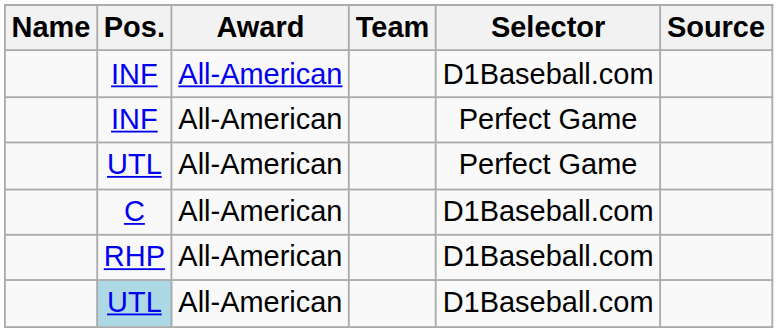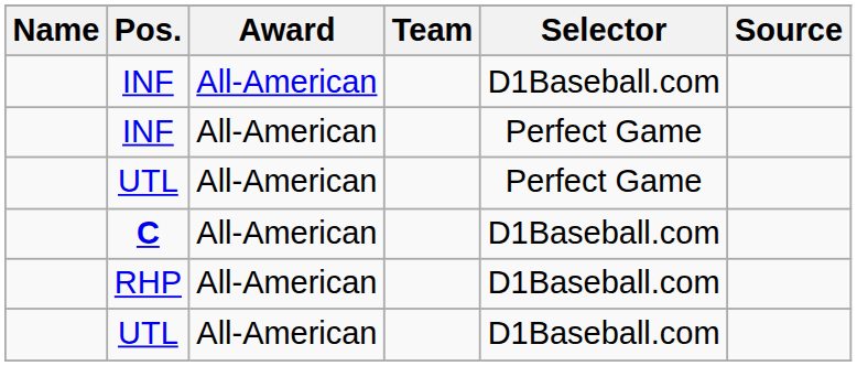 <table class="wikitable sortable" style="text-align: center">
 <tr>
 </tr>
 <tr>
 <th>Name</th>
 <th>Pos.</th>
 <th>Award</th>
 <th>Team</th>
 <th>Selector</th>
 <th>Source</th>
 </tr>
 <tr>
 <td></td>
 <td><a href='#'>INF</a></td>
 <td><a href='#'>All-American</a></td>
 <td></td>
 <td>D1Baseball.com</td>
 <td></td>
 </tr>
 <tr>
 <td></td>
 <td><a href='#'>INF</a></td>
 <td>All-American</td>
 <td></td>
 <td>Perfect Game</td>
 <td></td>
 </tr>
 <tr>
 <td></td>
 <td><a href='#'>UTL</a></td>
 <td>All-American</td>
 <td></td>
 <td>Perfect Game</td>
 <td></td>
 </tr>
 <tr>
 <td></td>
-<td><a href='#'>C</a></td>
+<td><strong><a href='#'>C</a></strong></td>
 <td>All-American</td>
 <td></td>
 <td>D1Baseball.com</td>
 <td></td>
 </tr>
 <tr>
 <td></td>
 <td><a href='#'>RHP</a></td>
 <td>All-American</td>
 <td></td>
 <td>D1Baseball.com</td>
 <td></td>
 </tr>
 <tr>
 <td></td>
-<td style="background: lightblue;"><a href='#'>UTL</a></td>
+<td><a href='#'>UTL</a></td>
 <td>All-American</td>
 <td></td>
 <td>D1Baseball.com</td>
 <td></td>
 </tr>
 </table>
